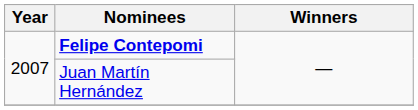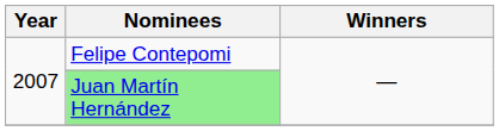 <table class="wikitable">
 <tr>
 <th width=40>Year</th>
 <th width=160>Nominees</th>
 <th width=160>Winners</th>
 </tr>
 <tr>
 <td align=center rowspan=2>2007</td>
-<td><strong><a href='#'>Felipe Contepomi</a></strong></td>
+<td><a href='#'>Felipe Contepomi</a></td>
 <td align=center rowspan=2>—</td>
 </tr>
 <tr>
-<td><a href='#'>Juan Martín Hernández</a></td>
+<td style="background: lightgreen;"><a href='#'>Juan Martín Hernández</a></td>
 </tr>
 <tr>
 </tr>
 </table>
